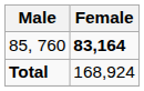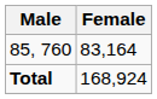 <table class="wikitable">
 <tr>
 <th>Male</th>
 <th>Female</th>
 </tr>
 <tr>
 <td>85, 760</td>
-<td><strong>83,164</strong></td>
+<td>83,164</td>
 </tr>
 <tr>
 <td><strong>Total</strong></td>
 <td>168,924</td>
 </tr>
 <tr>
 </tr>
 </table>
